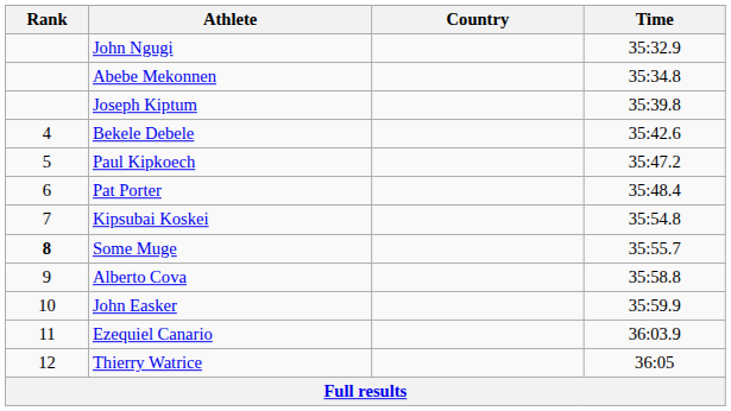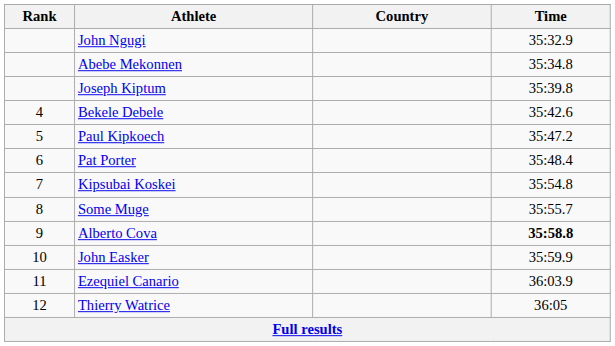 <table class="wikitable sortable" style=" text-align:center; font-size:95%;" width="50%">
 <tr>
 </tr>
 <tr>
 <th width=5%>Rank</th>
 <th width=20%>Athlete</th>
 <th width=15%>Country</th>
 <th width=10%>Time</th>
 </tr>
 <tr>
 <td align=center></td>
 <td align=left><a href='#'>John Ngugi</a></td>
 <td align=left></td>
 <td>35:32.9</td>
 </tr>
 <tr>
 <td align=center></td>
 <td align=left><a href='#'>Abebe Mekonnen</a></td>
 <td align=left></td>
 <td>35:34.8</td>
 </tr>
 <tr>
 <td align=center></td>
 <td align=left><a href='#'>Joseph Kiptum</a></td>
 <td align=left></td>
 <td>35:39.8</td>
 </tr>
 <tr>
 <td align=center>4</td>
 <td align=left><a href='#'>Bekele Debele</a></td>
 <td align=left></td>
 <td>35:42.6</td>
 </tr>
 <tr>
 <td align=center>5</td>
 <td align=left><a href='#'>Paul Kipkoech</a></td>
 <td align=left></td>
 <td>35:47.2</td>
 </tr>
 <tr>
 <td align=center>6</td>
 <td align=left><a href='#'>Pat Porter</a></td>
 <td align=left></td>
 <td>35:48.4</td>
 </tr>
 <tr>
 <td align=center>7</td>
 <td align=left><a href='#'>Kipsubai Koskei</a></td>
 <td align=left></td>
 <td>35:54.8</td>
 </tr>
 <tr>
-<td align=center><strong>8</strong></td>
+<td align=center>8</td>
 <td align=left><a href='#'>Some Muge</a></td>
 <td align=left></td>
 <td>35:55.7</td>
 </tr>
 <tr>
 <td align=center>9</td>
 <td align=left><a href='#'>Alberto Cova</a></td>
 <td align=left></td>
-<td>35:58.8</td>
+<td><strong>35:58.8</strong></td>
 </tr>
 <tr>
 <td align=center>10</td>
 <td align=left><a href='#'>John Easker</a></td>
 <td align=left></td>
 <td>35:59.9</td>
 </tr>
 <tr>
 <td align=center>11</td>
 <td align=left><a href='#'>Ezequiel Canario</a></td>
 <td align=left></td>
 <td>36:03.9</td>
 </tr>
 <tr>
 <td align=center>12</td>
 <td align=left><a href='#'>Thierry Watrice</a></td>
 <td align=left></td>
 <td>36:05</td>
 </tr>
 <tr class="sortbottom">
 <th colspan=4 align=center><a href='#'>Full results</a></th>
 </tr>
 </table>
